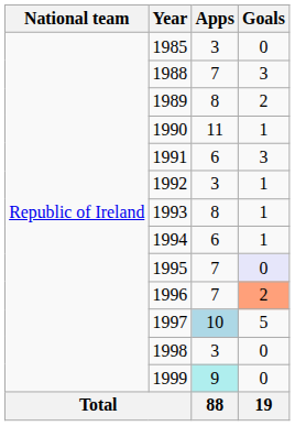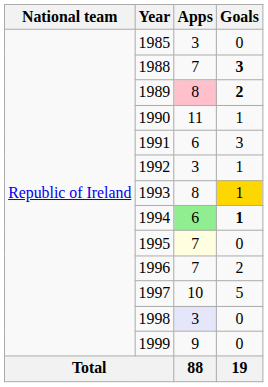 <table class="wikitable" style="text-align:center">
 <tr>
 <th>National team</th>
 <th>Year</th>
 <th>Apps</th>
 <th>Goals</th>
 </tr>
 <tr>
 <td rowspan="13"><a href='#'>Republic of Ireland</a></td>
 <td>1985</td>
 <td>3</td>
 <td>0</td>
 </tr>
 <tr>
 <td>1988</td>
 <td>7</td>
-<td>3</td>
+<td><strong>3</strong></td>
 </tr>
 <tr>
 <td>1989</td>
-<td>8</td>
-<td>2</td>
+<td style="background: pink;">8</td>
+<td><strong>2</strong></td>
 </tr>
 <tr>
 <td>1990</td>
 <td>11</td>
 <td>1</td>
 </tr>
 <tr>
 <td>1991</td>
 <td>6</td>
 <td>3</td>
 </tr>
 <tr>
 <td>1992</td>
 <td>3</td>
 <td>1</td>
 </tr>
 <tr>
 <td>1993</td>
 <td>8</td>
-<td>1</td>
+<td style="background: gold;">1</td>
 </tr>
 <tr>
 <td>1994</td>
-<td>6</td>
-<td>1</td>
+<td style="background: lightgreen;">6</td>
+<td><strong>1</strong></td>
 </tr>
 <tr>
 <td>1995</td>
-<td>7</td>
-<td style="background: lavender;">0</td>
+<td style="background: lightyellow;">7</td>
+<td>0</td>
 </tr>
 <tr>
 <td>1996</td>
 <td>7</td>
-<td style="background: lightsalmon;">2</td>
+<td>2</td>
 </tr>
 <tr>
 <td>1997</td>
-<td style="background: lightblue;">10</td>
+<td>10</td>
 <td>5</td>
 </tr>
 <tr>
 <td>1998</td>
-<td>3</td>
+<td style="background: lavender;">3</td>
 <td>0</td>
 </tr>
 <tr>
 <td>1999</td>
-<td style="background: paleturquoise;">9</td>
+<td>9</td>
 <td>0</td>
 </tr>
 <tr>
 <th colspan="2">Total</th>
 <th>88</th>
 <th>19</th>
 </tr>
 </table>
